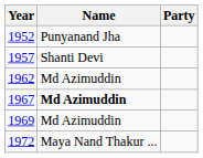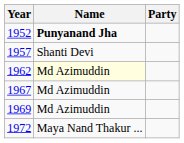 <table class=wikitable sortable">
 <tr>
 <th>Year</th>
 <th>Name</th>
 <th colspan="2">Party</th>
 </tr>
 <tr>
 <td><a href='#'>1952</a></td>
-<td>Punyanand Jha</td>
+<td><strong>Punyanand Jha</strong></td>
 <td></td>
 </tr>
 <tr>
 <td><a href='#'>1957</a></td>
 <td>Shanti Devi</td>
 <td></td>
 </tr>
 <tr>
 <td><a href='#'>1962</a></td>
-<td>Md Azimuddin</td>
+<td style="background: lightyellow;">Md Azimuddin</td>
 <td></td>
 </tr>
 <tr>
 <td><a href='#'>1967</a></td>
-<td><strong>Md Azimuddin</strong></td>
+<td>Md Azimuddin</td>
 <td></td>
 </tr>
 <tr>
 <td><a href='#'>1969</a></td>
 <td>Md Azimuddin</td>
 <td></td>
 </tr>
 <tr>
 <td><a href='#'>1972</a></td>
 <td>Maya Nand Thakur ...</td>
 <td></td>
 </tr>
 </table>
